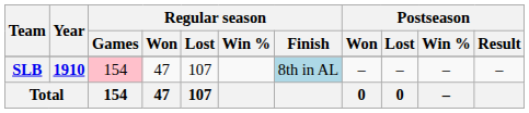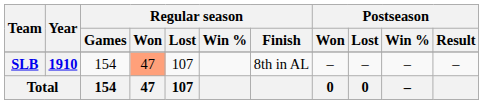 <table class="wikitable" style="font-size: 95%; text-align:center;">
 <tr>
 <th rowspan="2">Team</th>
 <th rowspan="2">Year</th>
 <th colspan="5">Regular season</th>
 <th colspan="4">Postseason</th>
 </tr>
 <tr>
 <th>Games</th>
 <th>Won</th>
 <th>Lost</th>
 <th>Win %</th>
 <th>Finish</th>
 <th>Won</th>
 <th>Lost</th>
 <th>Win %</th>
 <th>Result</th>
 </tr>
 <tr>
 </tr>
 <tr>
 <th><a href='#'>SLB</a></th>
 <th><a href='#'>1910</a></th>
-<td style="background: pink;">154</td>
-<td>47</td>
+<td>154</td>
+<td style="background: lightsalmon;">47</td>
 <td>107</td>
 <td></td>
-<td style="background: lightblue;">8th in AL</td>
+<td>8th in AL</td>
 <td>–</td>
 <td>–</td>
 <td>–</td>
 <td>–</td>
 </tr>
 <tr>
 <th colspan="2">Total</th>
 <th>154</th>
 <th>47</th>
 <th>107</th>
 <th></th>
 <th></th>
 <th>0</th>
 <th>0</th>
 <th>–</th>
 <th></th>
 </tr>
 </table>
